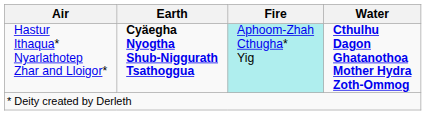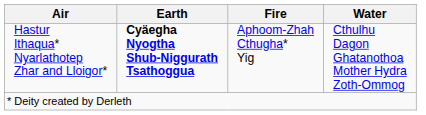 <table class="wikitable">
 <tr>
 <th>Air</th>
 <th>Earth</th>
 <th>Fire</th>
 <th>Water</th>
 </tr>
 <tr style="vertical-align: top;">
 <td style="padding:0em 0.75em;"><a href='#'>Hastur</a><br><a href='#'>Ithaqua</a>*<br><a href='#'>Nyarlathotep</a><br><a href='#'>Zhar and Lloigor</a>*</td>
 <td style="padding:0em 0.75em;"><strong>Cyäegha<br><a href='#'>Nyogtha</a><br><a href='#'>Shub-Niggurath</a><br><a href='#'>Tsathoggua</a></strong></td>
-<td style="background: paleturquoise; padding:0em 0.75em;"><a href='#'>Aphoom-Zhah</a><br><a href='#'>Cthugha</a>*<br>Yig</td>
-<td style="padding:0em 0.75em;"><strong><a href='#'>Cthulhu</a><br><a href='#'>Dagon</a><br><a href='#'>Ghatanothoa</a><br><a href='#'>Mother Hydra</a><br><a href='#'>Zoth-Ommog</a></strong></td>
+<td style="padding:0em 0.75em;"><a href='#'>Aphoom-Zhah</a><br><a href='#'>Cthugha</a>*<br>Yig</td>
+<td style="padding:0em 0.75em;"><a href='#'>Cthulhu</a><br><a href='#'>Dagon</a><br><a href='#'>Ghatanothoa</a><br><a href='#'>Mother Hydra</a><br><a href='#'>Zoth-Ommog</a></td>
 </tr>
 <tr>
 <td colspan="4" style="font-size: 90%;">* Deity created by Derleth</td>
 </tr>
 </table>
